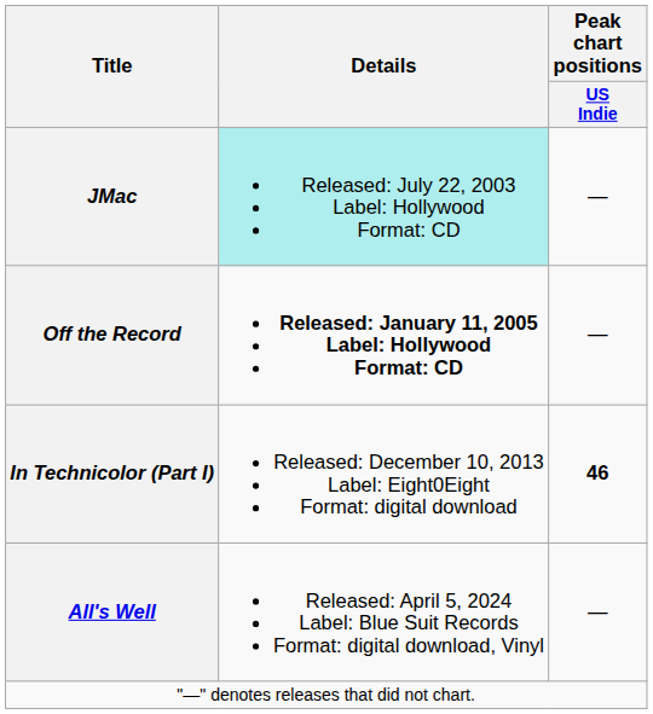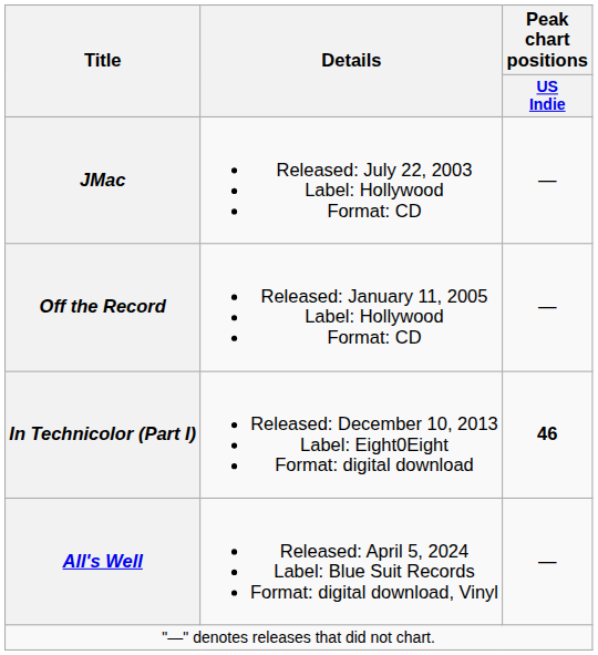 <table class="wikitable plainrowheaders" style="text-align:center">
 <tr>
 <th scope="col" rowspan="2">Title</th>
 <th scope="col" rowspan="2">Details</th>
 <th colspan="1">Peak chart positions</th>
 </tr>
 <tr>
 <th style="width:3em;font-size:85%"><a href='#'>US<br>Indie</a><br></th>
 </tr>
 <tr>
 <th scope="row"><em>JMac</em></th>
-<td style="background: paleturquoise;"><br><ul><li>Released: July 22, 2003</li><li>Label: Hollywood</li><li>Format: CD</li></ul></td>
+<td><br><ul><li>Released: July 22, 2003</li><li>Label: Hollywood</li><li>Format: CD</li></ul></td>
 <td>—</td>
 </tr>
 <tr>
 <th scope="row"><em>Off the Record</em></th>
-<td><strong><br><ul><li>Released: January 11, 2005</li><li>Label: Hollywood</li><li>Format: CD</li></ul></strong></td>
+<td><br><ul><li>Released: January 11, 2005</li><li>Label: Hollywood</li><li>Format: CD</li></ul></td>
 <td>—</td>
 </tr>
 <tr>
 <th scope="row"><em>In Technicolor (Part I)</em></th>
 <td><br><ul><li>Released: December 10, 2013</li><li>Label: Eight0Eight</li><li>Format: digital download</li></ul></td>
 <td><strong>46</strong></td>
 </tr>
 <tr>
 <th scope="row"><em><a href='#'>All's Well</a></em></th>
 <td><br><ul><li>Released: April 5, 2024</li><li>Label: Blue Suit Records</li><li>Format: digital download, Vinyl</li></ul></td>
 <td>—</td>
 </tr>
 <tr>
 <td colspan="7" style="font-size: 85%">"—" denotes releases that did not chart.</td>
 </tr>
 </table>
